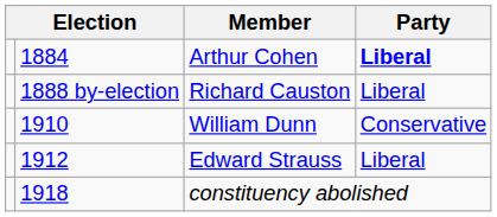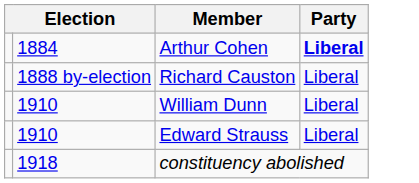 <table class="wikitable">
 <tr>
 <th colspan="2">Election</th>
 <th>Member</th>
 <th>Party</th>
 </tr>
 <tr>
 <td style="color:inherit;background-color: "></td>
 <td><a href='#'>1884</a></td>
 <td><a href='#'>Arthur Cohen</a></td>
 <td><strong><a href='#'>Liberal</a></strong></td>
 </tr>
 <tr>
 <td style="color:inherit;background-color: "></td>
 <td><a href='#'>1888 by-election</a></td>
 <td><a href='#'>Richard Causton</a></td>
 <td><a href='#'>Liberal</a></td>
 </tr>
 <tr>
 <td style="color:inherit;background-color: "></td>
 <td><a href='#'>1910</a></td>
 <td><a href='#'>William Dunn</a></td>
-<td><a href='#'>Conservative</a></td>
+<td><a href='#'>Liberal</a></td>
 </tr>
 <tr>
 <td style="color:inherit;background-color: "></td>
-<td><a href='#'>1912</a></td>
+<td><a href='#'>1910</a></td>
 <td><a href='#'>Edward Strauss</a></td>
 <td><a href='#'>Liberal</a></td>
 </tr>
 <tr>
 <td></td>
 <td><a href='#'>1918</a></td>
 <td colspan="2"><em>constituency abolished</em></td>
 </tr>
 </table>
